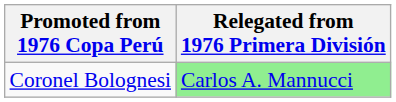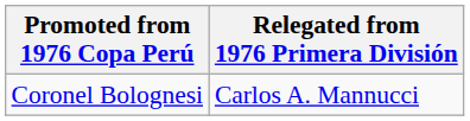 <table class="wikitable">
 <tr>
 <th>Promoted from<br><a href='#'>1976 Copa Perú</a></th>
 <th>Relegated from<br><a href='#'>1976 Primera División</a></th>
 </tr>
 <tr>
 <td> <a href='#'>Coronel Bolognesi</a> </td>
-<td style="background: lightgreen;"> <a href='#'>Carlos A. Mannucci</a> </td>
+<td> <a href='#'>Carlos A. Mannucci</a> </td>
 </tr>
 </table>
